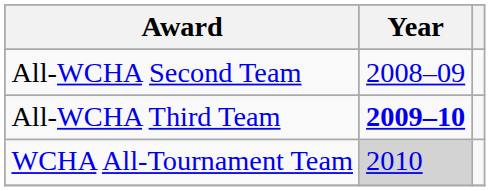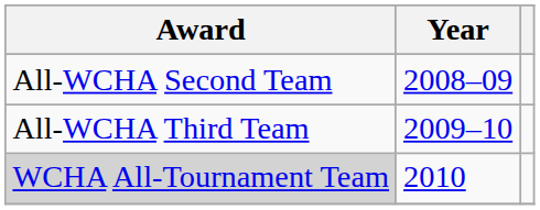 <table class="wikitable">
 <tr>
 <th>Award</th>
 <th>Year</th>
 <th></th>
 </tr>
 <tr>
 <td>All-<a href='#'>WCHA</a> <a href='#'>Second Team</a></td>
 <td><a href='#'>2008–09</a></td>
 <td></td>
 </tr>
 <tr>
 <td>All-<a href='#'>WCHA</a> <a href='#'>Third Team</a></td>
-<td><strong><a href='#'>2009–10</a></strong></td>
+<td><a href='#'>2009–10</a></td>
 <td></td>
 </tr>
 <tr>
-<td><a href='#'>WCHA</a> <a href='#'>All-Tournament Team</a></td>
-<td style="background: lightgrey;"><a href='#'>2010</a></td>
+<td style="background: lightgrey;"><a href='#'>WCHA</a> <a href='#'>All-Tournament Team</a></td>
+<td><a href='#'>2010</a></td>
 <td></td>
 </tr>
 <tr>
 </tr>
 </table>
